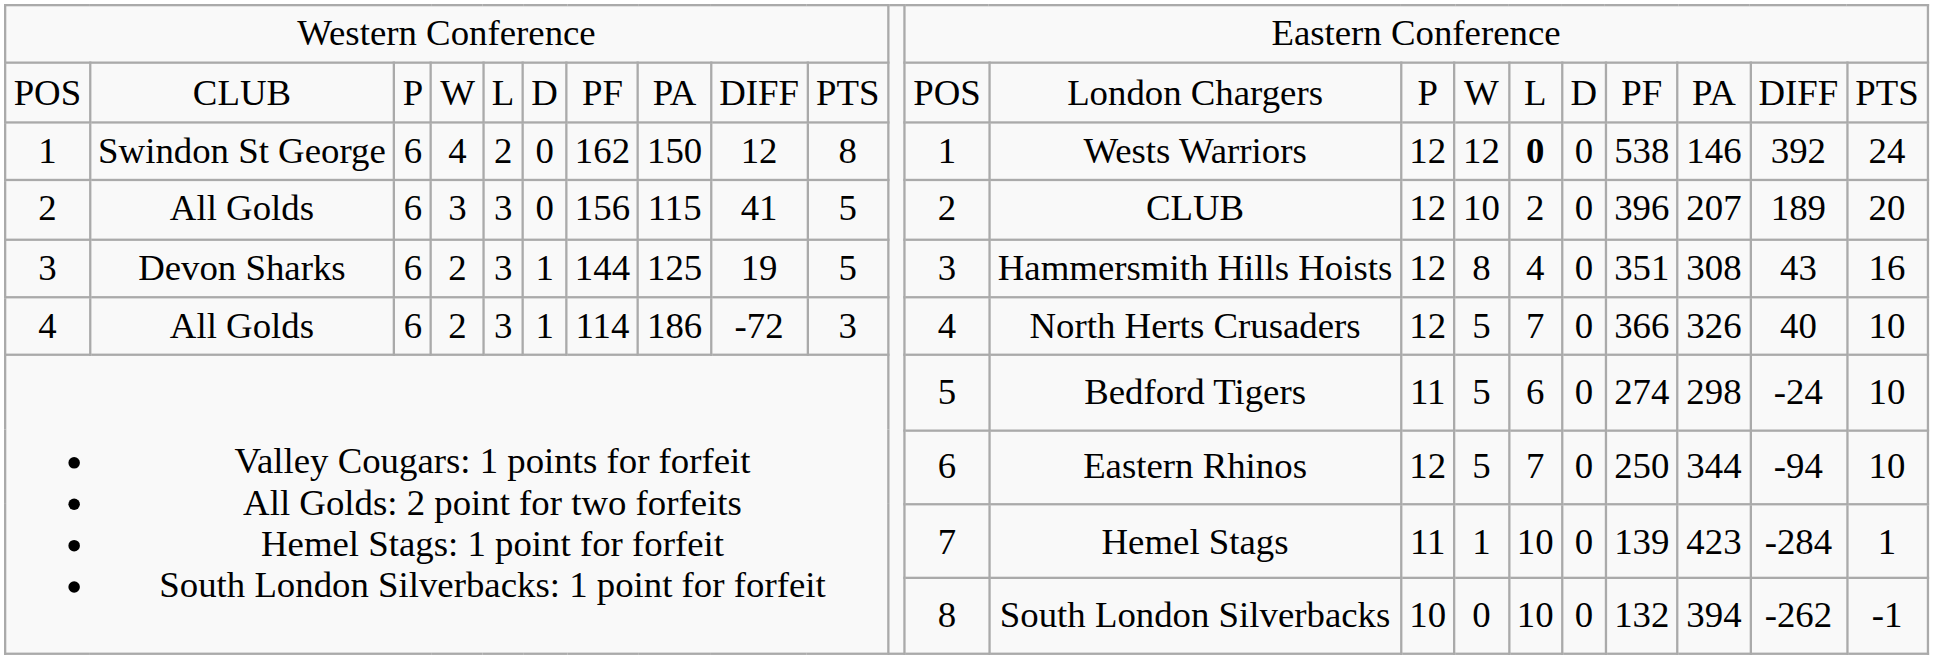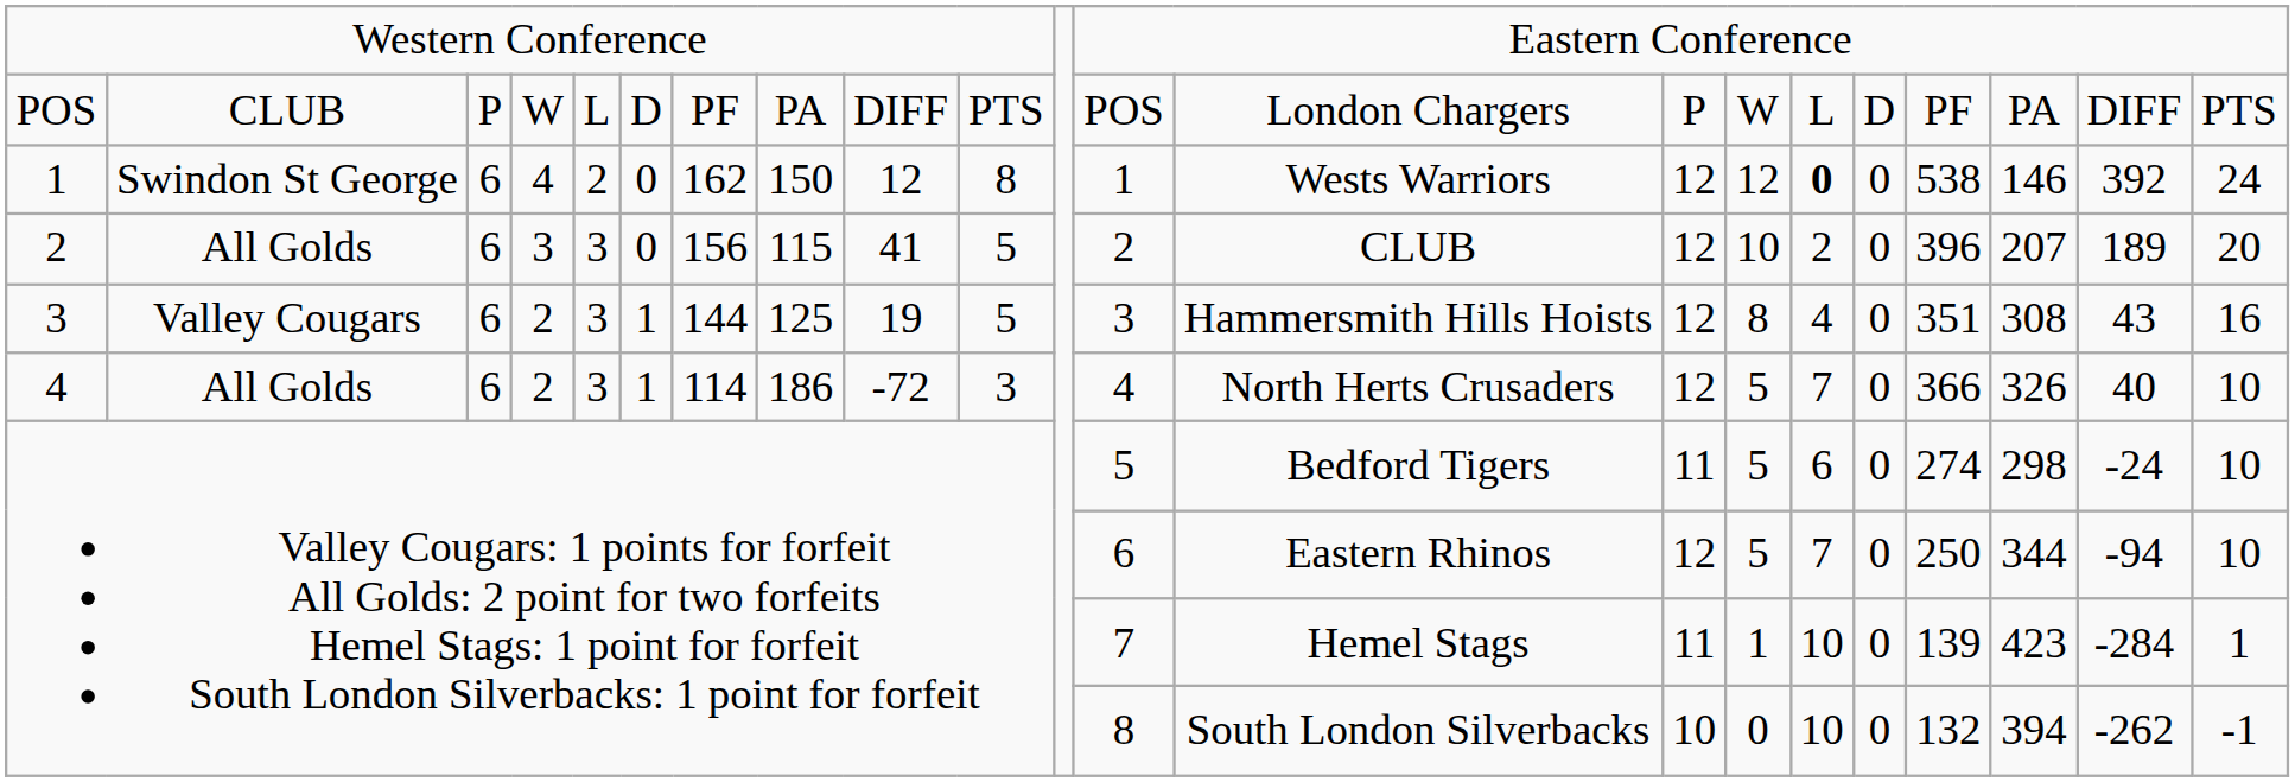 <table class="wikitable" style="text-align: center;">
 <tr>
 <td colspan="10">Western Conference</td>
 <td rowspan="10"></td>
 <td colspan="10">Eastern Conference</td>
 </tr>
 <tr>
 <td>POS</td>
 <td>CLUB</td>
 <td>P</td>
 <td>W</td>
 <td>L</td>
 <td>D</td>
 <td>PF</td>
 <td>PA</td>
 <td>DIFF</td>
 <td>PTS</td>
 <td>POS</td>
 <td>London Chargers</td>
 <td>P</td>
 <td>W</td>
 <td>L</td>
 <td>D</td>
 <td>PF</td>
 <td>PA</td>
 <td>DIFF</td>
 <td>PTS</td>
 </tr>
 <tr>
 <td>1</td>
 <td>Swindon St George</td>
 <td>6</td>
 <td>4</td>
 <td>2</td>
 <td>0</td>
 <td>162</td>
 <td>150</td>
 <td>12</td>
 <td>8</td>
 <td>1</td>
 <td>Wests Warriors</td>
 <td>12</td>
 <td>12</td>
 <td><strong>0</strong></td>
 <td>0</td>
 <td>538</td>
 <td>146</td>
 <td>392</td>
 <td>24</td>
 </tr>
 <tr>
 <td>2</td>
 <td>All Golds</td>
 <td>6</td>
 <td>3</td>
 <td>3</td>
 <td>0</td>
 <td>156</td>
 <td>115</td>
 <td>41</td>
 <td>5</td>
 <td>2</td>
 <td>CLUB</td>
 <td>12</td>
 <td>10</td>
 <td>2</td>
 <td>0</td>
 <td>396</td>
 <td>207</td>
 <td>189</td>
 <td>20</td>
 </tr>
 <tr>
 <td>3</td>
-<td>Devon Sharks</td>
+<td>Valley Cougars</td>
 <td>6</td>
 <td>2</td>
 <td>3</td>
 <td>1</td>
 <td>144</td>
 <td>125</td>
 <td>19</td>
 <td>5</td>
 <td>3</td>
 <td>Hammersmith Hills Hoists</td>
 <td>12</td>
 <td>8</td>
 <td>4</td>
 <td>0</td>
 <td>351</td>
 <td>308</td>
 <td>43</td>
 <td>16</td>
 </tr>
 <tr>
 <td>4</td>
 <td>All Golds</td>
 <td>6</td>
 <td>2</td>
 <td>3</td>
 <td>1</td>
 <td>114</td>
 <td>186</td>
 <td>-72</td>
 <td>3</td>
 <td>4</td>
 <td>North Herts Crusaders</td>
 <td>12</td>
 <td>5</td>
 <td>7</td>
 <td>0</td>
 <td>366</td>
 <td>326</td>
 <td>40</td>
 <td>10</td>
 </tr>
 <tr>
 <td colspan="10" rowspan="4"><br><ul><li>Valley Cougars: 1 points for forfeit</li><li>All Golds: 2 point for two forfeits</li><li>Hemel Stags: 1 point for forfeit</li><li>South London Silverbacks: 1 point for forfeit</li></ul></td>
 <td>5</td>
 <td>Bedford Tigers</td>
 <td>11</td>
 <td>5</td>
 <td>6</td>
 <td>0</td>
 <td>274</td>
 <td>298</td>
 <td>-24</td>
 <td>10</td>
 </tr>
 <tr>
 <td>6</td>
 <td>Eastern Rhinos</td>
 <td>12</td>
 <td>5</td>
 <td>7</td>
 <td>0</td>
 <td>250</td>
 <td>344</td>
 <td>-94</td>
 <td>10</td>
 </tr>
 <tr>
 <td>7</td>
 <td>Hemel Stags</td>
 <td>11</td>
 <td>1</td>
 <td>10</td>
 <td>0</td>
 <td>139</td>
 <td>423</td>
 <td>-284</td>
 <td>1</td>
 </tr>
 <tr>
 <td>8</td>
 <td>South London Silverbacks</td>
 <td>10</td>
 <td>0</td>
 <td>10</td>
 <td>0</td>
 <td>132</td>
 <td>394</td>
 <td>-262</td>
 <td>-1</td>
 </tr>
 </table>
